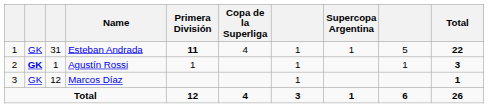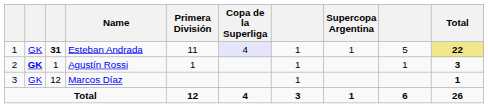 <table class="wikitable sortable" style="font-size: 95%; text-align: center;">
 <tr>
 <th width=25></th>
 <th width=25></th>
 <th width=25></th>
 <th width=150>Name</th>
 <th width= 75>Primera División</th>
 <th width= 75>Copa de la Superliga</th>
 <th width= 75></th>
 <th width= 75>Supercopa Argentina</th>
 <th width= 75></th>
 <th width= 75>Total</th>
 </tr>
 <tr>
 <td>1</td>
 <td><a href='#'>GK</a></td>
-<td>31</td>
+<td><strong>31</strong></td>
 <td align=left> <a href='#'>Esteban Andrada</a></td>
-<td><strong>11</strong></td>
-<td>4</td>
+<td>11</td>
+<td style="background: lavender;">4</td>
 <td>1</td>
 <td>1</td>
 <td>5</td>
-<td><strong>22</strong></td>
+<td style="background: khaki;"><strong>22</strong></td>
 </tr>
 <tr>
 <td>2</td>
 <td><strong><a href='#'>GK</a></strong></td>
 <td>1</td>
 <td align=left> <a href='#'>Agustín Rossi</a></td>
 <td>1</td>
 <td></td>
 <td>1</td>
 <td></td>
 <td>1</td>
 <td><strong>3</strong></td>
 </tr>
 <tr>
 <td>3</td>
 <td><a href='#'>GK</a></td>
 <td>12</td>
 <td align=left> <a href='#'>Marcos Díaz</a></td>
 <td></td>
 <td></td>
 <td>1</td>
 <td></td>
 <td></td>
 <td><strong>1</strong></td>
 </tr>
 <tr align=center>
 <td colspan=4><strong>Total</strong></td>
 <td><strong>12</strong></td>
 <td><strong>4</strong></td>
 <td><strong>3</strong></td>
 <td><strong>1</strong></td>
 <td><strong>6</strong></td>
 <td><strong>26</strong></td>
 </tr>
 </table>
